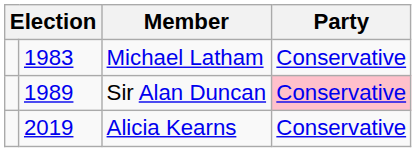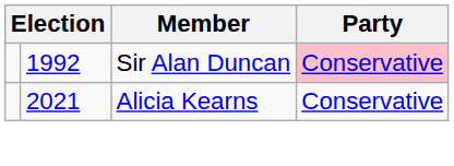 <table class="wikitable">
 <tr>
 <th colspan="2">Election</th>
 <th>Member</th>
 <th>Party</th>
 </tr>
 <tr>
 <td style="color:inherit;background-color: "></td>
-<td><a href='#'>1983</a></td>
-<td><a href='#'>Michael Latham</a></td>
-<td><a href='#'>Conservative</a></td>
-</tr>
-<tr>
-<td style="color:inherit;background-color: "></td>
-<td><a href='#'>1989</a></td>
+<td><a href='#'>1992</a></td>
 <td>Sir <a href='#'>Alan Duncan</a></td>
 <td style="background: pink;"><a href='#'>Conservative</a></td>
 </tr>
 <tr>
 <td style="color:inherit;background-color: "></td>
-<td><a href='#'>2019</a></td>
+<td><a href='#'>2021</a></td>
 <td><a href='#'>Alicia Kearns</a></td>
 <td><a href='#'>Conservative</a></td>
 </tr>
 </table>
